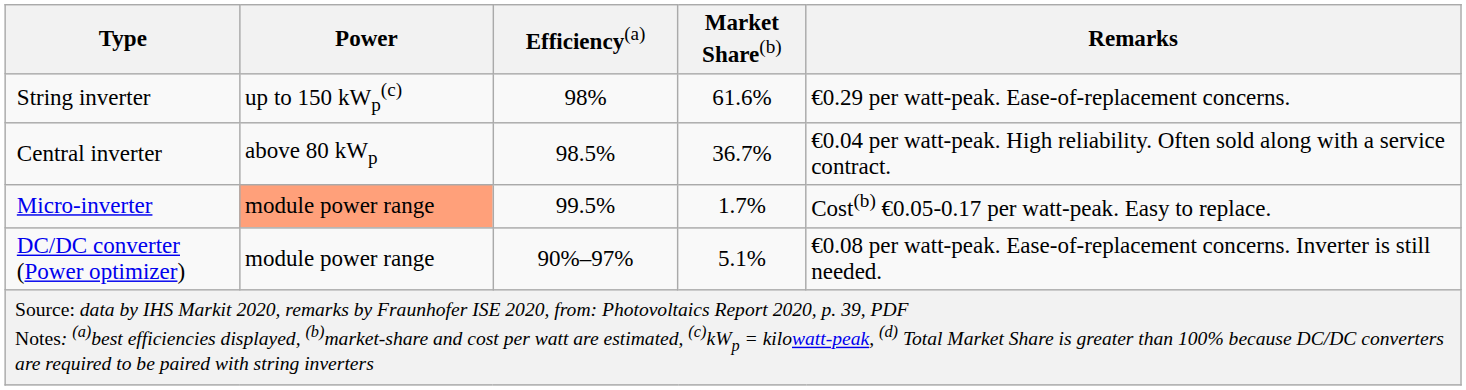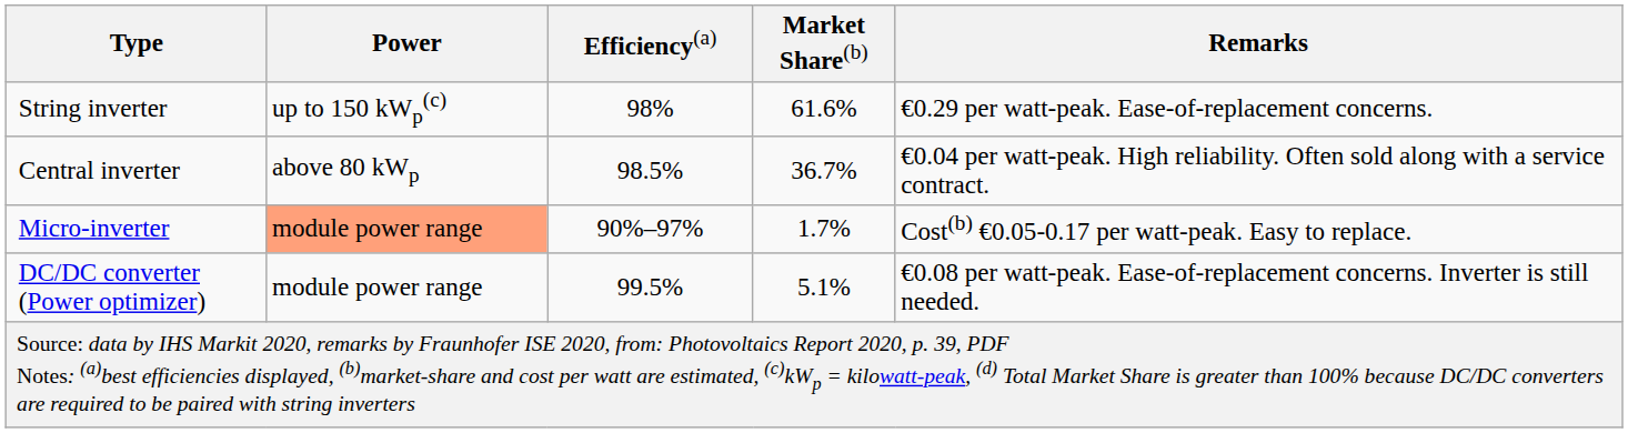 <table class="wikitable" style="margin: 4px auto; max-width: 80%;">
 <tr>
 <th>Type</th>
 <th>Power</th>
 <th style="font-weight: normal;"><strong>Efficiency</strong><sup>(a)</sup></th>
 <th style="font-weight: normal;"><strong>Market<br>Share</strong><sup>(b)</sup></th>
 <th style="width: 45%;">Remarks</th>
 </tr>
 <tr>
 <td> String inverter</td>
 <td>up to 150 kW<sub>p</sub><sup>(c)</sup></td>
 <td align="center">98%</td>
 <td align="center">61.6%</td>
 <td>€0.29 per watt-peak. Ease-of-replacement concerns.</td>
 </tr>
 <tr>
 <td> Central inverter</td>
 <td>above 80 kW<sub>p</sub></td>
 <td align="center">98.5%</td>
 <td align="center">36.7%</td>
 <td>€0.04 per watt-peak. High reliability. Often sold along with a service contract.</td>
 </tr>
 <tr>
 <td> <a href='#'>Micro-inverter</a></td>
 <td style="background: lightsalmon;">module power range</td>
-<td align="center">99.5%</td>
+<td align="center">90%–97%</td>
 <td align="center">1.7%</td>
 <td>Cost<sup>(b)</sup> €0.05-0.17 per watt-peak. Easy to replace.</td>
 </tr>
 <tr>
 <td> <a href='#'>DC/DC converter</a><br> (<a href='#'>Power optimizer</a>)</td>
 <td>module power range</td>
-<td align="center">90%–97%</td>
+<td align="center">99.5%</td>
 <td align="center">5.1%</td>
 <td>€0.08 per watt-peak. Ease-of-replacement concerns. Inverter is still needed.</td>
 </tr>
 <tr>
 <td colspan=5 style="font-size: 0.85em; padding: 6px; background-color: #f2f2f2;">Source: <em>data by IHS Markit 2020, remarks by Fraunhofer ISE 2020, from: Photovoltaics Report 2020, p. 39, PDF<br> </em>Notes<em>: <sup>(a)</sup>best efficiencies displayed, <sup>(b)</sup>market-share and cost per watt are estimated, <sup>(c)</sup>kW<sub>p</sub> = kilo<a href='#'>watt-peak</a>, <sup>(d)</sup> Total Market Share is greater than 100% because DC/DC converters are required to be paired with string inverters</td>
 </tr>
 </table>
